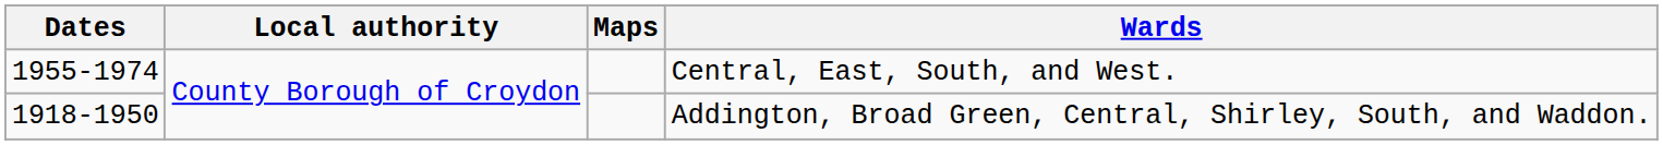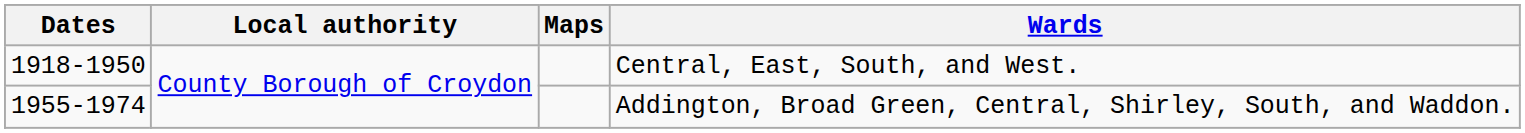 <table class=wikitable>
 <tr>
 <th>Dates</th>
 <th>Local authority</th>
 <th>Maps</th>
 <th><a href='#'>Wards</a></th>
 </tr>
 <tr>
-<td>1955-1974</td>
+<td>1918-1950</td>
 <td rowspan="2"><a href='#'>County Borough of Croydon</a></td>
 <td></td>
 <td>Central, East, South, and West.</td>
 </tr>
 <tr>
-<td>1918-1950</td>
+<td>1955-1974</td>
 <td></td>
 <td>Addington, Broad Green, Central, Shirley, South, and Waddon.</td>
 </tr>
 </table>
